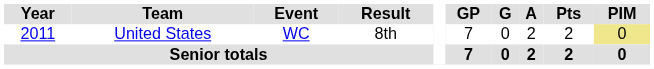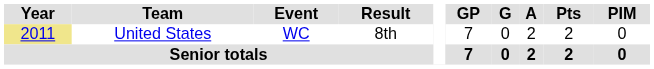 <table border="0" cellpadding="1" cellspacing="0" style="text-align:center; width:40em">
 <tr ALIGN="center" bgcolor="#e0e0e0">
 <th>Year</th>
 <th>Team</th>
 <th>Event</th>
 <th>Result</th>
 <th rowspan="99" bgcolor="#ffffff"> </th>
 <th>GP</th>
 <th>G</th>
 <th>A</th>
 <th>Pts</th>
 <th>PIM</th>
 </tr>
 <tr>
-<td><a href='#'>2011</a></td>
+<td style="background: khaki;"><a href='#'>2011</a></td>
 <td><a href='#'>United States</a></td>
 <td><a href='#'>WC</a></td>
 <td>8th</td>
 <td>7</td>
 <td>0</td>
 <td>2</td>
 <td>2</td>
-<td style="background: khaki;">0</td>
+<td>0</td>
 </tr>
 <tr bgcolor="#e0e0e0">
 <th colspan=4>Senior totals</th>
 <th>7</th>
 <th>0</th>
 <th>2</th>
 <th>2</th>
 <th>0</th>
 </tr>
 </table>
